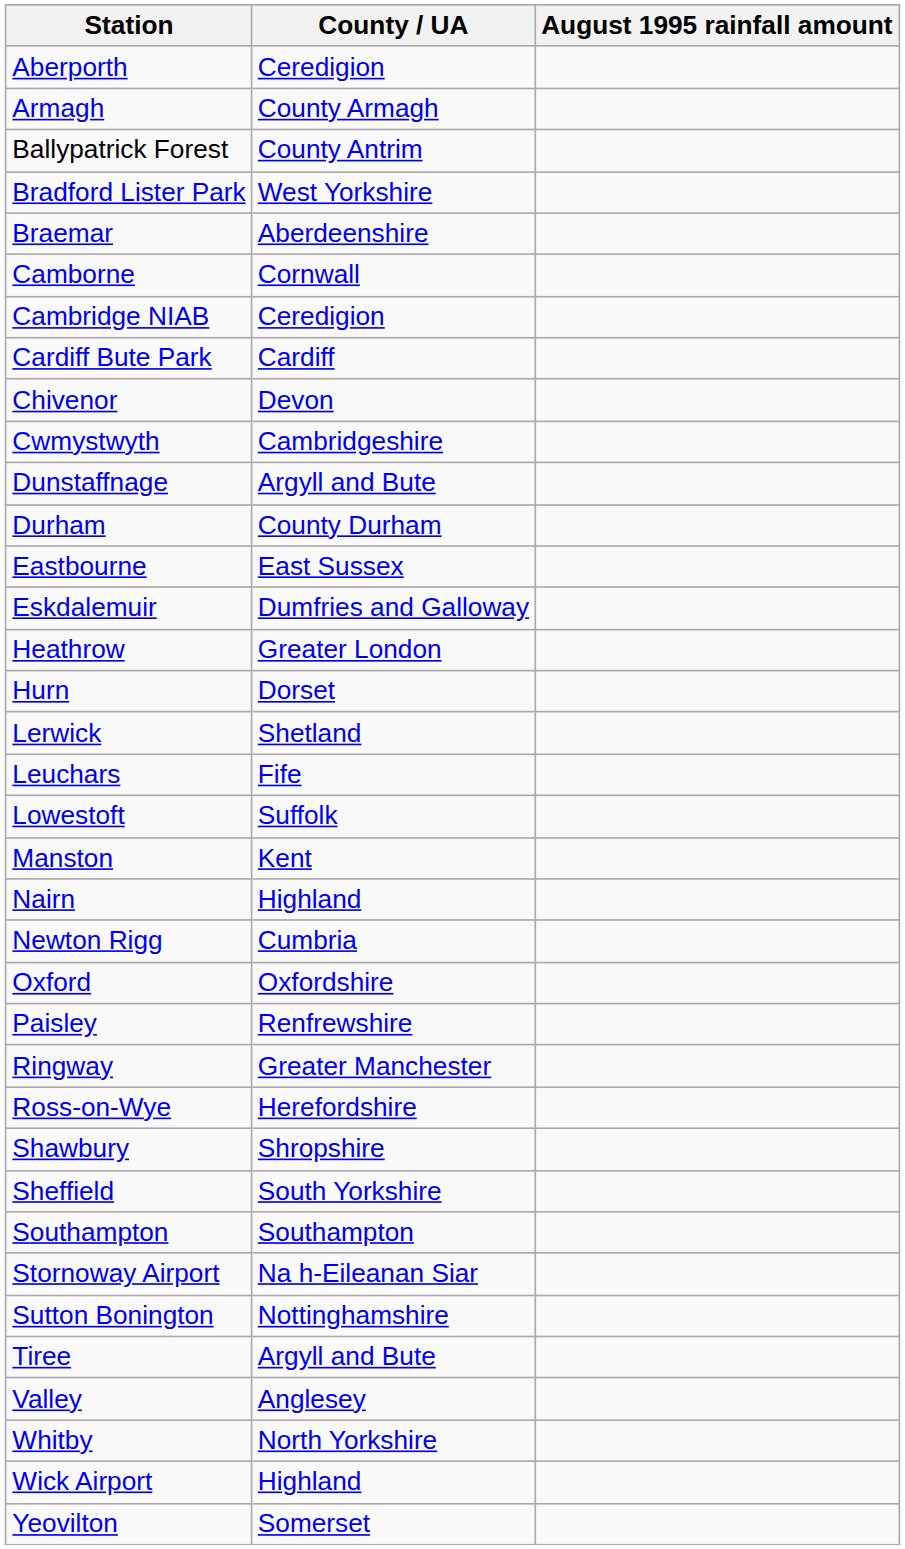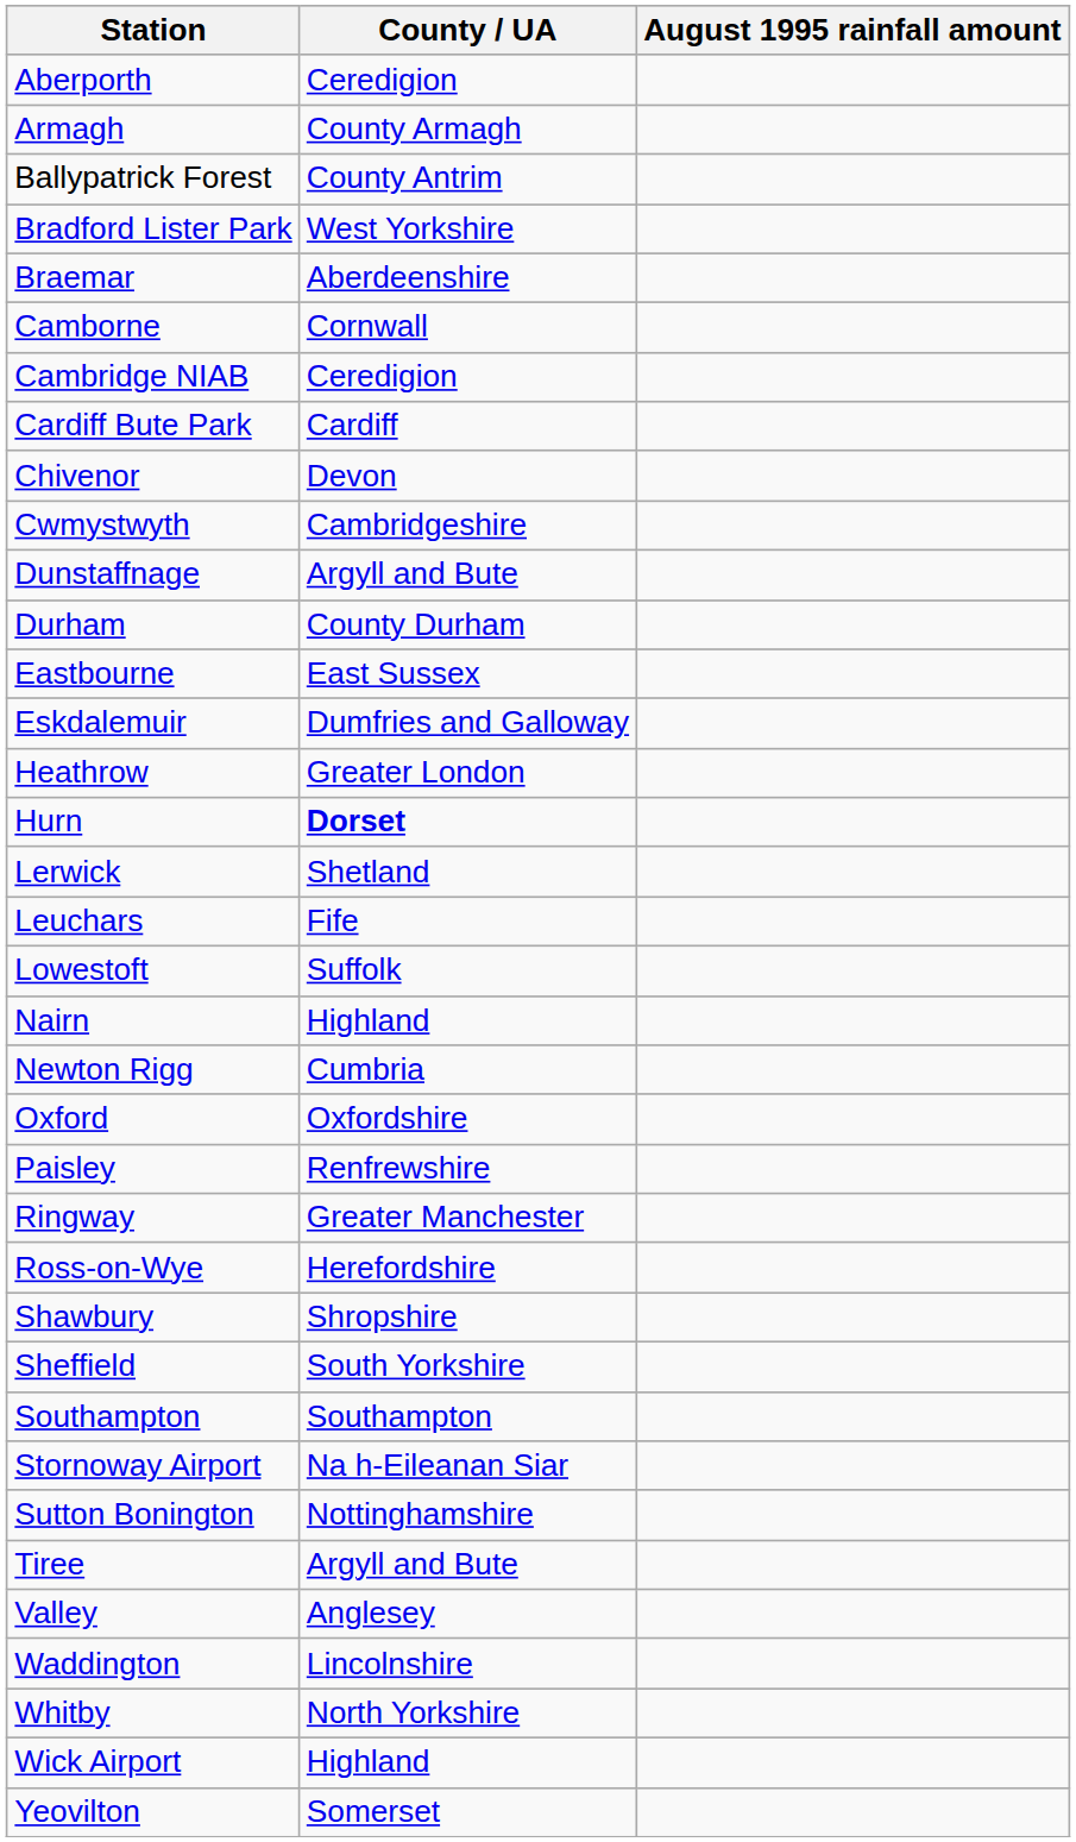 <table class="wikitable sortable" style="margin:auto;">
 <tr>
 <th>Station</th>
 <th>County / UA</th>
 <th>August 1995 rainfall amount</th>
 </tr>
 <tr>
 <td><a href='#'>Aberporth</a></td>
 <td><a href='#'>Ceredigion</a></td>
 <td></td>
 </tr>
 <tr>
 <td><a href='#'>Armagh</a></td>
 <td><a href='#'>County Armagh</a></td>
 <td></td>
 </tr>
 <tr>
 <td>Ballypatrick Forest</td>
 <td><a href='#'>County Antrim</a></td>
 <td></td>
 </tr>
 <tr>
 <td><a href='#'>Bradford Lister Park</a></td>
 <td><a href='#'>West Yorkshire</a></td>
 <td></td>
 </tr>
 <tr>
 <td><a href='#'>Braemar</a></td>
 <td><a href='#'>Aberdeenshire</a></td>
 <td></td>
 </tr>
 <tr>
 <td><a href='#'>Camborne</a></td>
 <td><a href='#'>Cornwall</a></td>
 <td></td>
 </tr>
 <tr>
 <td><a href='#'>Cambridge NIAB</a></td>
 <td><a href='#'>Ceredigion</a></td>
 <td></td>
 </tr>
 <tr>
 <td><a href='#'>Cardiff Bute Park</a></td>
 <td><a href='#'>Cardiff</a></td>
 <td></td>
 </tr>
 <tr>
 <td><a href='#'>Chivenor</a></td>
 <td><a href='#'>Devon</a></td>
 <td></td>
 </tr>
 <tr>
 <td><a href='#'>Cwmystwyth</a></td>
 <td><a href='#'>Cambridgeshire</a></td>
 <td></td>
 </tr>
 <tr>
 <td><a href='#'>Dunstaffnage</a></td>
 <td><a href='#'>Argyll and Bute</a></td>
 <td></td>
 </tr>
 <tr>
 <td><a href='#'>Durham</a></td>
 <td><a href='#'>County Durham</a></td>
 <td></td>
 </tr>
 <tr>
 <td><a href='#'>Eastbourne</a></td>
 <td><a href='#'>East Sussex</a></td>
 <td></td>
 </tr>
 <tr>
 <td><a href='#'>Eskdalemuir</a></td>
 <td><a href='#'>Dumfries and Galloway</a></td>
 <td></td>
 </tr>
 <tr>
 <td><a href='#'>Heathrow</a></td>
 <td><a href='#'>Greater London</a></td>
 <td></td>
 </tr>
 <tr>
 <td><a href='#'>Hurn</a></td>
-<td><a href='#'>Dorset</a></td>
+<td><strong><a href='#'>Dorset</a></strong></td>
 <td></td>
 </tr>
 <tr>
 <td><a href='#'>Lerwick</a></td>
 <td><a href='#'>Shetland</a></td>
 <td></td>
 </tr>
 <tr>
 <td><a href='#'>Leuchars</a></td>
 <td><a href='#'>Fife</a></td>
 <td></td>
 </tr>
 <tr>
 <td><a href='#'>Lowestoft</a></td>
 <td><a href='#'>Suffolk</a></td>
-<td></td>
-</tr>
-<tr>
-<td><a href='#'>Manston</a></td>
-<td><a href='#'>Kent</a></td>
 <td></td>
 </tr>
 <tr>
 <td><a href='#'>Nairn</a></td>
 <td><a href='#'>Highland</a></td>
 <td></td>
 </tr>
 <tr>
 <td><a href='#'>Newton Rigg</a></td>
 <td><a href='#'>Cumbria</a></td>
 <td></td>
 </tr>
 <tr>
 <td><a href='#'>Oxford</a></td>
 <td><a href='#'>Oxfordshire</a></td>
 <td></td>
 </tr>
 <tr>
 <td><a href='#'>Paisley</a></td>
 <td><a href='#'>Renfrewshire</a></td>
 <td></td>
 </tr>
 <tr>
 <td><a href='#'>Ringway</a></td>
 <td><a href='#'>Greater Manchester</a></td>
 <td></td>
 </tr>
 <tr>
 <td><a href='#'>Ross-on-Wye</a></td>
 <td><a href='#'>Herefordshire</a></td>
 <td></td>
 </tr>
 <tr>
 <td><a href='#'>Shawbury</a></td>
 <td><a href='#'>Shropshire</a></td>
 <td></td>
 </tr>
 <tr>
 <td><a href='#'>Sheffield</a></td>
 <td><a href='#'>South Yorkshire</a></td>
 <td></td>
 </tr>
 <tr>
 <td><a href='#'>Southampton</a></td>
 <td><a href='#'>Southampton</a></td>
 <td></td>
 </tr>
 <tr>
 <td><a href='#'>Stornoway Airport</a></td>
 <td><a href='#'>Na h-Eileanan Siar</a></td>
 <td></td>
 </tr>
 <tr>
 <td><a href='#'>Sutton Bonington</a></td>
 <td><a href='#'>Nottinghamshire</a></td>
 <td></td>
 </tr>
 <tr>
 <td><a href='#'>Tiree</a></td>
 <td><a href='#'>Argyll and Bute</a></td>
 <td></td>
 </tr>
 <tr>
 <td><a href='#'>Valley</a></td>
 <td><a href='#'>Anglesey</a></td>
 <td></td>
 </tr>
 <tr>
+<td><a href='#'>Waddington</a></td>
+<td><a href='#'>Lincolnshire</a></td>
+<td></td>
+</tr>
+<tr>
 <td><a href='#'>Whitby</a></td>
 <td><a href='#'>North Yorkshire</a></td>
 <td></td>
 </tr>
 <tr>
 <td><a href='#'>Wick Airport</a></td>
 <td><a href='#'>Highland</a></td>
 <td></td>
 </tr>
 <tr>
 <td><a href='#'>Yeovilton</a></td>
 <td><a href='#'>Somerset</a></td>
 <td></td>
 </tr>
 <tr>
 </tr>
 </table>
